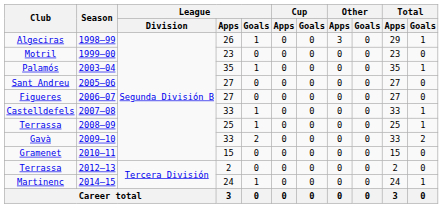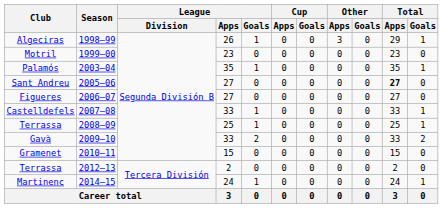 <table class="wikitable" style="text-align: center">
 <tr>
 <th rowspan="2">Club</th>
 <th rowspan="2">Season</th>
 <th colspan="3">League</th>
 <th colspan="2">Cup</th>
 <th colspan="2">Other</th>
 <th colspan="2">Total</th>
 </tr>
 <tr>
 <th>Division</th>
 <th>Apps</th>
 <th>Goals</th>
 <th>Apps</th>
 <th>Goals</th>
 <th>Apps</th>
 <th>Goals</th>
 <th>Apps</th>
 <th>Goals</th>
 </tr>
 <tr>
 <td><a href='#'>Algeciras</a></td>
 <td><a href='#'>1998–99</a></td>
 <td rowspan="9"><a href='#'>Segunda División B</a></td>
 <td>26</td>
 <td>1</td>
 <td>0</td>
 <td>0</td>
 <td>3</td>
 <td>0</td>
 <td>29</td>
 <td>1</td>
 </tr>
 <tr>
 <td><a href='#'>Motril</a></td>
 <td><a href='#'>1999–00</a></td>
 <td>23</td>
 <td>0</td>
 <td>0</td>
 <td>0</td>
 <td>0</td>
 <td>0</td>
 <td>23</td>
 <td>0</td>
 </tr>
 <tr>
 <td><a href='#'>Palamós</a></td>
 <td><a href='#'>2003–04</a></td>
 <td>35</td>
 <td>1</td>
 <td>0</td>
 <td>0</td>
 <td>0</td>
 <td>0</td>
 <td>35</td>
 <td>1</td>
 </tr>
 <tr>
 <td><a href='#'>Sant Andreu</a></td>
 <td><a href='#'>2005–06</a></td>
 <td>27</td>
 <td>0</td>
 <td>0</td>
 <td>0</td>
 <td>0</td>
 <td>0</td>
-<td>27</td>
+<td><strong>27</strong></td>
 <td>0</td>
 </tr>
 <tr>
 <td><a href='#'>Figueres</a></td>
 <td><a href='#'>2006–07</a></td>
 <td>27</td>
 <td>0</td>
 <td>0</td>
 <td>0</td>
 <td>0</td>
 <td>0</td>
 <td>27</td>
 <td>0</td>
 </tr>
 <tr>
 <td><a href='#'>Castelldefels</a></td>
 <td><a href='#'>2007–08</a></td>
 <td>33</td>
 <td>1</td>
 <td>0</td>
 <td>0</td>
 <td>0</td>
 <td>0</td>
 <td>33</td>
 <td>1</td>
 </tr>
 <tr>
 <td><a href='#'>Terrassa</a></td>
 <td><a href='#'>2008–09</a></td>
 <td>25</td>
 <td>1</td>
 <td>0</td>
 <td>0</td>
 <td>0</td>
 <td>0</td>
 <td>25</td>
 <td>1</td>
 </tr>
 <tr>
 <td><a href='#'>Gavà</a></td>
 <td><a href='#'>2009–10</a></td>
 <td>33</td>
 <td>2</td>
 <td>0</td>
 <td>0</td>
 <td>0</td>
 <td>0</td>
 <td>33</td>
 <td>2</td>
 </tr>
 <tr>
 <td><a href='#'>Gramenet</a></td>
 <td><a href='#'>2010–11</a></td>
 <td>15</td>
 <td>0</td>
 <td>0</td>
 <td>0</td>
 <td>0</td>
 <td>0</td>
 <td>15</td>
 <td>0</td>
 </tr>
 <tr>
 <td><a href='#'>Terrassa</a></td>
 <td><a href='#'>2012–13</a></td>
 <td rowspan="2"><a href='#'>Tercera División</a></td>
 <td>2</td>
 <td>0</td>
 <td>0</td>
 <td>0</td>
 <td>0</td>
 <td>0</td>
 <td>2</td>
 <td>0</td>
 </tr>
 <tr>
 <td><a href='#'>Martinenc</a></td>
 <td><a href='#'>2014–15</a></td>
 <td>24</td>
 <td>1</td>
 <td>0</td>
 <td>0</td>
 <td>0</td>
 <td>0</td>
 <td>24</td>
 <td>1</td>
 </tr>
 <tr>
 <th colspan="3">Career total</th>
 <th>3</th>
 <th>0</th>
 <th>0</th>
 <th>0</th>
 <th>0</th>
 <th>0</th>
 <th>3</th>
 <th>0</th>
 </tr>
 </table>
